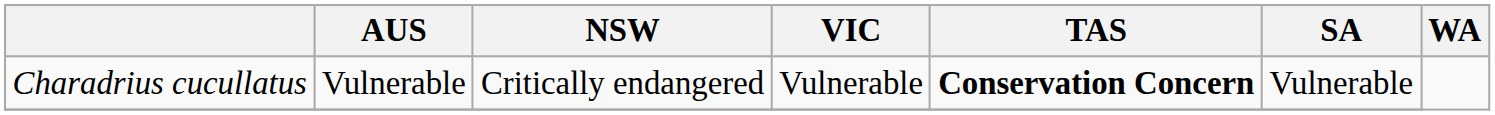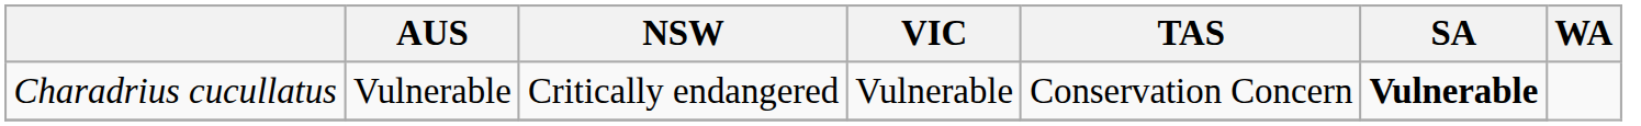 <table class="wikitable">
 <tr>
 <th></th>
 <th>AUS</th>
 <th>NSW</th>
 <th>VIC</th>
 <th>TAS</th>
 <th>SA</th>
 <th>WA</th>
 </tr>
 <tr>
 <td><em>Charadrius cucullatus</em></td>
 <td>Vulnerable</td>
 <td>Critically endangered</td>
 <td>Vulnerable</td>
-<td><strong>Conservation Concern</strong></td>
-<td>Vulnerable</td>
+<td>Conservation Concern</td>
+<td><strong>Vulnerable</strong></td>
 </tr>
 <tr>
 </tr>
 </table>
